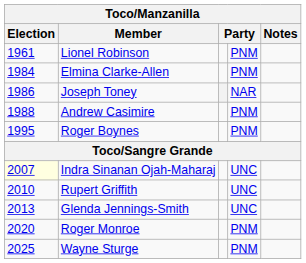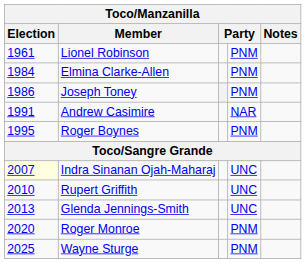 <table class="wikitable sortable">
 <tr>
 <th colspan="5">Toco/Manzanilla</th>
 </tr>
 <tr>
 <th>Election</th>
 <th>Member</th>
 <th colspan="2">Party</th>
 <th>Notes</th>
 </tr>
 <tr>
 <td><a href='#'>1961</a></td>
 <td><a href='#'>Lionel Robinson</a></td>
 <td style="background:"> </td>
 <td><a href='#'>PNM</a></td>
 <td></td>
 </tr>
 <tr>
 <td><a href='#'>1984</a></td>
 <td><a href='#'>Elmina Clarke-Allen</a></td>
 <td style="background:"> </td>
 <td><a href='#'>PNM</a></td>
 <td></td>
 </tr>
 <tr>
 <td><a href='#'>1986</a></td>
 <td><a href='#'>Joseph Toney</a></td>
 <th style="background-color: "></th>
-<td><a href='#'>NAR</a></td>
+<td><a href='#'>PNM</a></td>
 <td></td>
 </tr>
 <tr>
-<td><a href='#'>1988</a></td>
+<td><a href='#'>1991</a></td>
 <td><a href='#'>Andrew Casimire</a></td>
 <td style="background:"> </td>
-<td><a href='#'>PNM</a></td>
+<td><a href='#'>NAR</a></td>
 <td></td>
 </tr>
 <tr>
 <td><a href='#'>1995</a></td>
 <td><a href='#'>Roger Boynes</a></td>
 <td style="background:"> </td>
 <td><a href='#'>PNM</a></td>
 <td></td>
 </tr>
 <tr>
 <th colspan="5">Toco/Sangre Grande</th>
 </tr>
 <tr>
 <td style="background: lightyellow;"><a href='#'>2007</a></td>
 <td><a href='#'>Indra Sinanan Ojah-Maharaj</a></td>
 <td style="background:"> </td>
 <td><a href='#'>UNC</a></td>
 <td></td>
 </tr>
 <tr>
 <td><a href='#'>2010</a></td>
 <td><a href='#'>Rupert Griffith</a></td>
 <td style="background:"> </td>
 <td><a href='#'>UNC</a></td>
 <td></td>
 </tr>
 <tr>
 <td><a href='#'>2013</a></td>
 <td><a href='#'>Glenda Jennings-Smith</a></td>
 <td style="background:"> </td>
 <td><a href='#'>UNC</a></td>
 <td></td>
 </tr>
 <tr>
 <td><a href='#'>2020</a></td>
 <td><a href='#'>Roger Monroe</a></td>
 <td style="background:"> </td>
 <td><a href='#'>PNM</a></td>
 <td></td>
 </tr>
 <tr>
 <td><a href='#'>2025</a></td>
 <td><a href='#'>Wayne Sturge</a></td>
 <td style="background:"> </td>
 <td><a href='#'>PNM</a></td>
 <td></td>
 </tr>
 </table>
